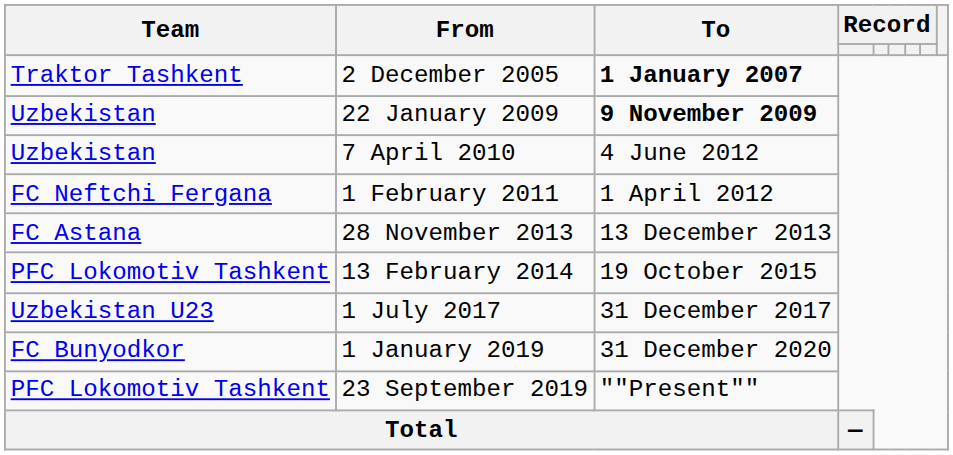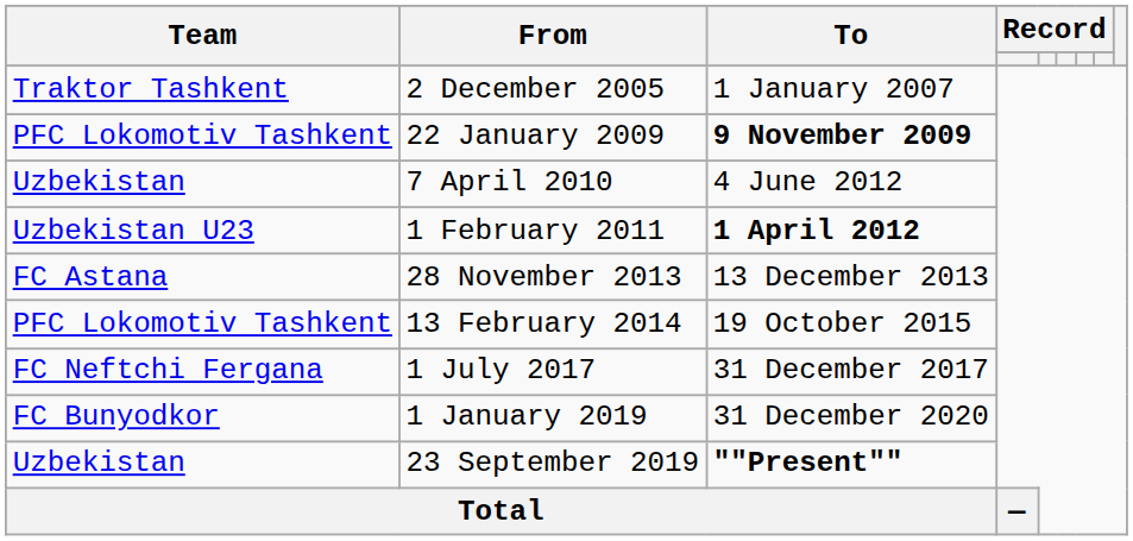 <table class=wikitable style=text-align:center>
 <tr>
 <th rowspan=2>Team</th>
 <th rowspan=2>From</th>
 <th rowspan=2>To</th>
 <th colspan=5>Record</th>
 <th rowspan=2></th>
 </tr>
 <tr>
 <th></th>
 <th></th>
 <th></th>
 <th></th>
 <th></th>
 </tr>
 <tr>
 <td align=left><a href='#'>Traktor Tashkent</a></td>
 <td align=left>2 December 2005</td>
-<td align=left><strong>1 January 2007<br></strong></td>
+<td align=left>1 January 2007<br></td>
 </tr>
 <tr>
-<td align=left><a href='#'>Uzbekistan</a></td>
+<td align=left><a href='#'>PFC Lokomotiv Tashkent</a></td>
 <td align=left>22 January 2009</td>
 <td align=left><strong>9 November 2009<br></strong></td>
 </tr>
 <tr>
 <td align=left><a href='#'>Uzbekistan</a></td>
 <td align=left>7 April 2010</td>
 <td align=left>4 June 2012<br></td>
 </tr>
 <tr>
-<td align=left><a href='#'>FC Neftchi Fergana</a></td>
+<td align=left><a href='#'>Uzbekistan U23</a></td>
 <td align=left>1 February 2011</td>
-<td align=left>1 April 2012<br></td>
+<td align=left><strong>1 April 2012<br></strong></td>
 </tr>
 <tr>
 <td align=left><a href='#'>FC Astana</a></td>
 <td align=left>28 November 2013</td>
 <td align=left>13 December 2013<br></td>
 </tr>
 <tr>
 <td align=left><a href='#'>PFC Lokomotiv Tashkent</a></td>
 <td align=left>13 February 2014</td>
 <td align=left>19 October 2015<br></td>
 </tr>
 <tr>
-<td align=left><a href='#'>Uzbekistan U23</a></td>
+<td align=left><a href='#'>FC Neftchi Fergana</a></td>
 <td align=left>1 July 2017</td>
 <td align=left>31 December 2017<br></td>
 </tr>
 <tr>
 <td align=left><a href='#'>FC Bunyodkor</a></td>
 <td align=left>1 January 2019</td>
 <td align=left>31 December 2020<br></td>
 </tr>
 <tr>
-<td align=left><a href='#'>PFC Lokomotiv Tashkent</a></td>
+<td align=left><a href='#'>Uzbekistan</a></td>
 <td align=left>23 September 2019</td>
-<td align=left>""Present""<br></td>
+<td align=left><strong>""Present""<br></strong></td>
 </tr>
 <tr>
 <th colspan=3>Total<br></th>
 <th>—</th>
 </tr>
 </table>
